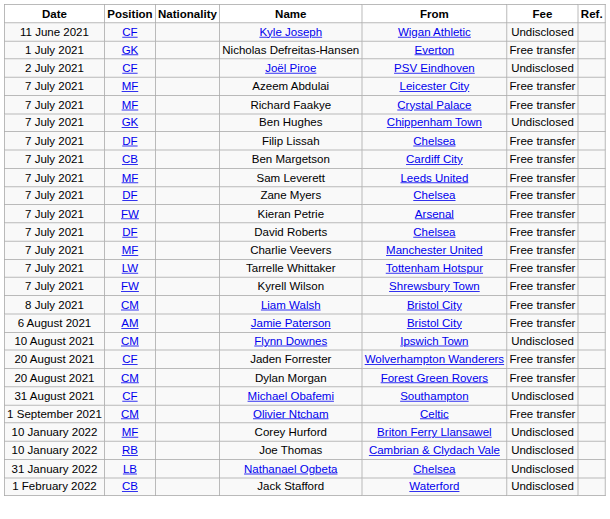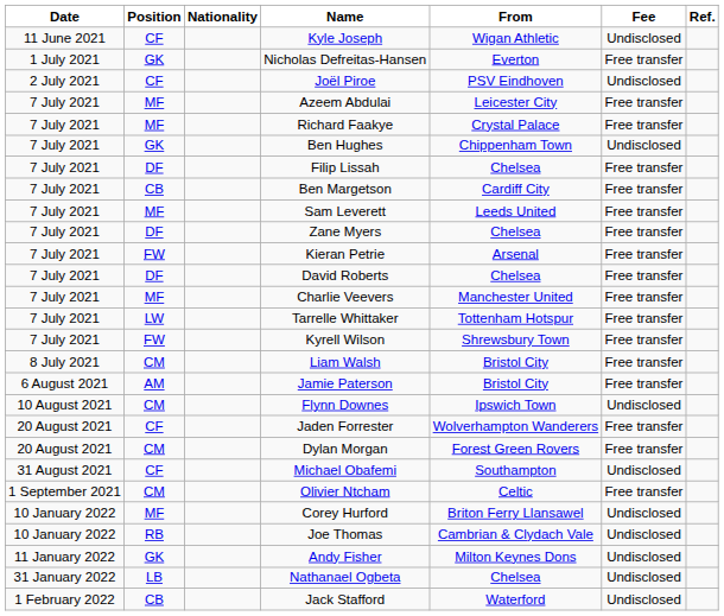 <table class="wikitable"  style="text-align:center; font-size:90%; ">
 <tr>
 <th style="background: white; color:black; ">Date</th>
 <th style="background: white; color:black; ">Position</th>
 <th style="background: white; color:black; ">Nationality</th>
 <th style="background: white; color:black; ">Name</th>
 <th style="background: white; color:black; ">From</th>
 <th style="background: white; color:black; ">Fee</th>
 <th style="background: white; color:black; ">Ref.</th>
 </tr>
 <tr>
 <td>11 June 2021</td>
 <td><a href='#'>CF</a></td>
 <td></td>
 <td><a href='#'>Kyle Joseph</a></td>
 <td> <a href='#'>Wigan Athletic</a></td>
 <td>Undisclosed</td>
 <td></td>
 </tr>
 <tr>
 <td>1 July 2021</td>
 <td><a href='#'>GK</a></td>
 <td></td>
 <td>Nicholas Defreitas-Hansen</td>
 <td> <a href='#'>Everton</a></td>
 <td>Free transfer</td>
 <td></td>
 </tr>
 <tr>
 <td>2 July 2021</td>
 <td><a href='#'>CF</a></td>
 <td></td>
 <td><a href='#'>Joël Piroe</a></td>
 <td> <a href='#'>PSV Eindhoven</a></td>
 <td>Undisclosed</td>
 <td></td>
 </tr>
 <tr>
 <td>7 July 2021</td>
 <td><a href='#'>MF</a></td>
 <td></td>
 <td>Azeem Abdulai</td>
 <td> <a href='#'>Leicester City</a></td>
 <td>Free transfer</td>
 <td></td>
 </tr>
 <tr>
 <td>7 July 2021</td>
 <td><a href='#'>MF</a></td>
 <td></td>
 <td>Richard Faakye</td>
 <td> <a href='#'>Crystal Palace</a></td>
 <td>Free transfer</td>
 <td></td>
 </tr>
 <tr>
 <td>7 July 2021</td>
 <td><a href='#'>GK</a></td>
 <td></td>
 <td>Ben Hughes</td>
 <td> <a href='#'>Chippenham Town</a></td>
 <td>Undisclosed</td>
 <td></td>
 </tr>
 <tr>
 <td>7 July 2021</td>
 <td><a href='#'>DF</a></td>
 <td></td>
 <td>Filip Lissah</td>
 <td> <a href='#'>Chelsea</a></td>
 <td>Free transfer</td>
 <td></td>
 </tr>
 <tr>
 <td>7 July 2021</td>
 <td><a href='#'>CB</a></td>
 <td></td>
 <td>Ben Margetson</td>
 <td> <a href='#'>Cardiff City</a></td>
 <td>Free transfer</td>
 <td></td>
 </tr>
 <tr>
 <td>7 July 2021</td>
 <td><a href='#'>MF</a></td>
 <td></td>
 <td>Sam Leverett</td>
 <td> <a href='#'>Leeds United</a></td>
 <td>Free transfer</td>
 <td></td>
 </tr>
 <tr>
 <td>7 July 2021</td>
 <td><a href='#'>DF</a></td>
 <td></td>
 <td>Zane Myers</td>
 <td> <a href='#'>Chelsea</a></td>
 <td>Free transfer</td>
 <td></td>
 </tr>
 <tr>
 <td>7 July 2021</td>
 <td><a href='#'>FW</a></td>
 <td></td>
 <td>Kieran Petrie</td>
 <td> <a href='#'>Arsenal</a></td>
 <td>Free transfer</td>
 <td></td>
 </tr>
 <tr>
 <td>7 July 2021</td>
 <td><a href='#'>DF</a></td>
 <td></td>
 <td>David Roberts</td>
 <td> <a href='#'>Chelsea</a></td>
 <td>Free transfer</td>
 <td></td>
 </tr>
 <tr>
 <td>7 July 2021</td>
 <td><a href='#'>MF</a></td>
 <td></td>
 <td>Charlie Veevers</td>
 <td> <a href='#'>Manchester United</a></td>
 <td>Free transfer</td>
 <td></td>
 </tr>
 <tr>
 <td>7 July 2021</td>
 <td><a href='#'>LW</a></td>
 <td></td>
 <td>Tarrelle Whittaker</td>
 <td> <a href='#'>Tottenham Hotspur</a></td>
 <td>Free transfer</td>
 <td></td>
 </tr>
 <tr>
 <td>7 July 2021</td>
 <td><a href='#'>FW</a></td>
 <td></td>
 <td>Kyrell Wilson</td>
 <td> <a href='#'>Shrewsbury Town</a></td>
 <td>Free transfer</td>
 <td></td>
 </tr>
 <tr>
 <td>8 July 2021</td>
 <td><a href='#'>CM</a></td>
 <td></td>
 <td><a href='#'>Liam Walsh</a></td>
 <td> <a href='#'>Bristol City</a></td>
 <td>Free transfer</td>
 <td></td>
 </tr>
 <tr>
 <td>6 August 2021</td>
 <td><a href='#'>AM</a></td>
 <td></td>
 <td><a href='#'>Jamie Paterson</a></td>
 <td> <a href='#'>Bristol City</a></td>
 <td>Free transfer</td>
 <td></td>
 </tr>
 <tr>
 <td>10 August 2021</td>
 <td><a href='#'>CM</a></td>
 <td></td>
 <td><a href='#'>Flynn Downes</a></td>
 <td> <a href='#'>Ipswich Town</a></td>
 <td>Undisclosed</td>
 <td></td>
 </tr>
 <tr>
 <td>20 August 2021</td>
 <td><a href='#'>CF</a></td>
 <td></td>
 <td>Jaden Forrester</td>
 <td> <a href='#'>Wolverhampton Wanderers</a></td>
 <td>Free transfer</td>
 <td></td>
 </tr>
 <tr>
 <td>20 August 2021</td>
 <td><a href='#'>CM</a></td>
 <td></td>
 <td>Dylan Morgan</td>
 <td> <a href='#'>Forest Green Rovers</a></td>
 <td>Free transfer</td>
 <td></td>
 </tr>
 <tr>
 <td>31 August 2021</td>
 <td><a href='#'>CF</a></td>
 <td></td>
 <td><a href='#'>Michael Obafemi</a></td>
 <td> <a href='#'>Southampton</a></td>
 <td>Undisclosed</td>
 <td></td>
 </tr>
 <tr>
 <td>1 September 2021</td>
 <td><a href='#'>CM</a></td>
 <td></td>
 <td><a href='#'>Olivier Ntcham</a></td>
 <td> <a href='#'>Celtic</a></td>
 <td>Free transfer</td>
 <td></td>
 </tr>
 <tr>
 <td>10 January 2022</td>
 <td><a href='#'>MF</a></td>
 <td></td>
 <td>Corey Hurford</td>
 <td> <a href='#'>Briton Ferry Llansawel</a></td>
 <td>Undisclosed</td>
 <td></td>
 </tr>
 <tr>
 <td>10 January 2022</td>
 <td><a href='#'>RB</a></td>
 <td></td>
 <td>Joe Thomas</td>
 <td> <a href='#'>Cambrian & Clydach Vale</a></td>
 <td>Undisclosed</td>
 <td></td>
 </tr>
 <tr>
+<td>11 January 2022</td>
+<td><a href='#'>GK</a></td>
+<td></td>
+<td><a href='#'>Andy Fisher</a></td>
+<td> <a href='#'>Milton Keynes Dons</a></td>
+<td>Undisclosed</td>
+<td></td>
+</tr>
+<tr>
 <td>31 January 2022</td>
 <td><a href='#'>LB</a></td>
 <td></td>
 <td><a href='#'>Nathanael Ogbeta</a></td>
 <td> <a href='#'>Chelsea</a></td>
 <td>Undisclosed</td>
 <td></td>
 </tr>
 <tr>
 <td>1 February 2022</td>
 <td><a href='#'>CB</a></td>
 <td></td>
 <td>Jack Stafford</td>
 <td> <a href='#'>Waterford</a></td>
 <td>Undisclosed</td>
 <td></td>
 </tr>
 </table>
